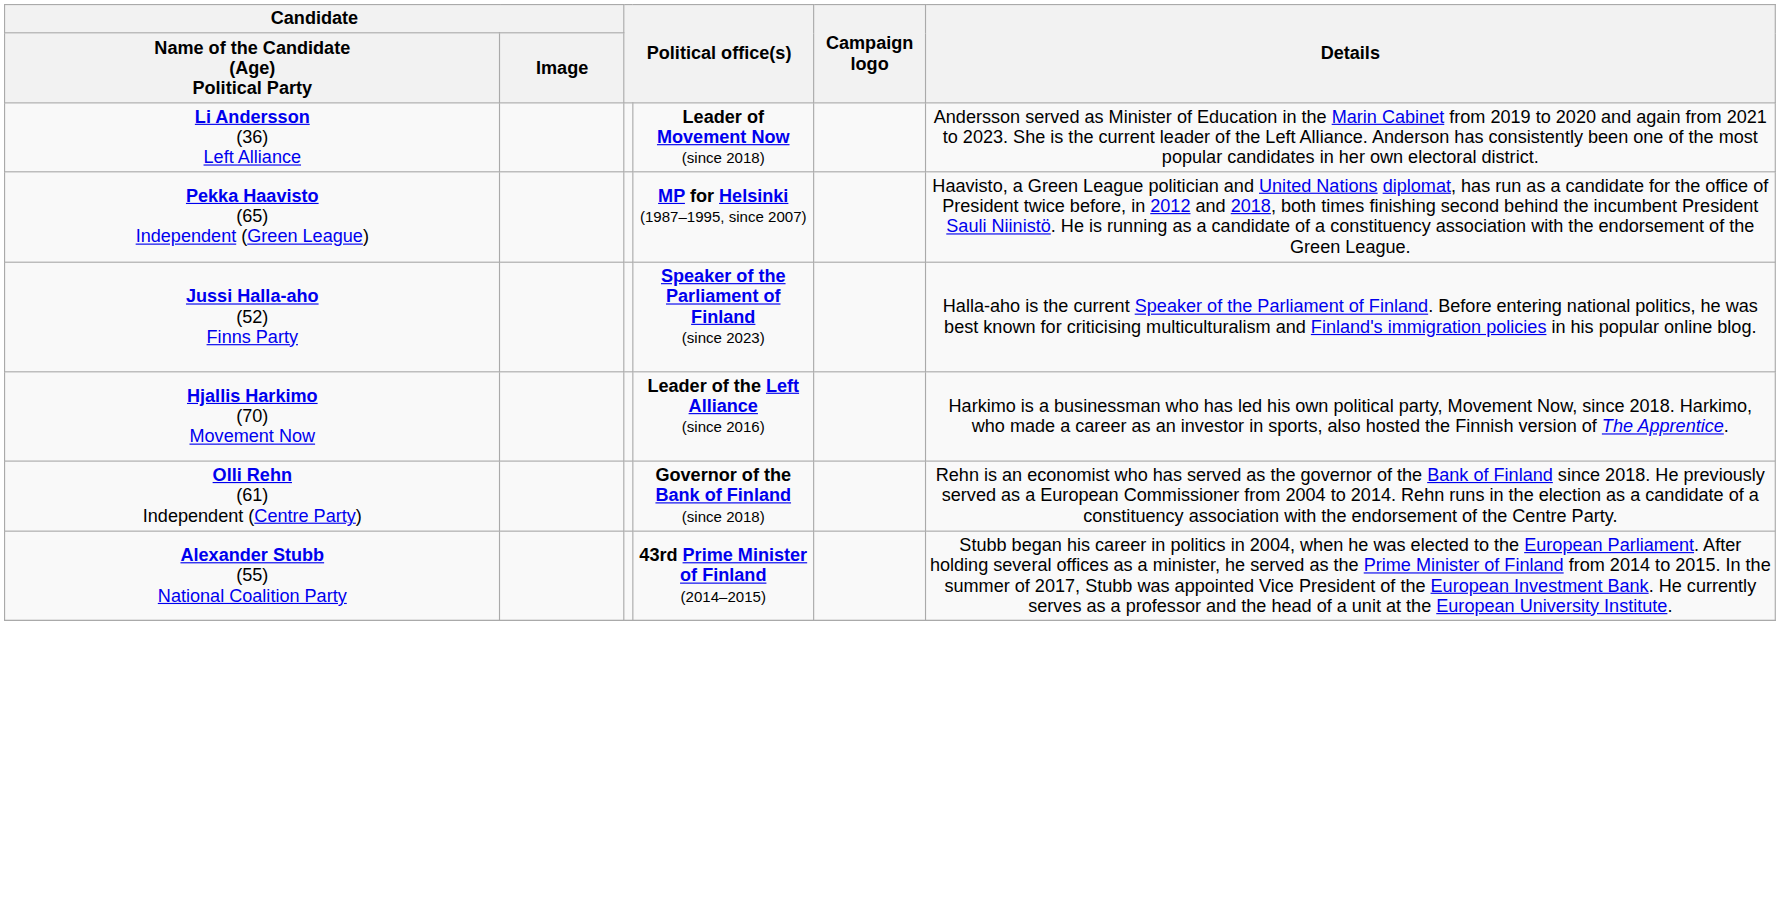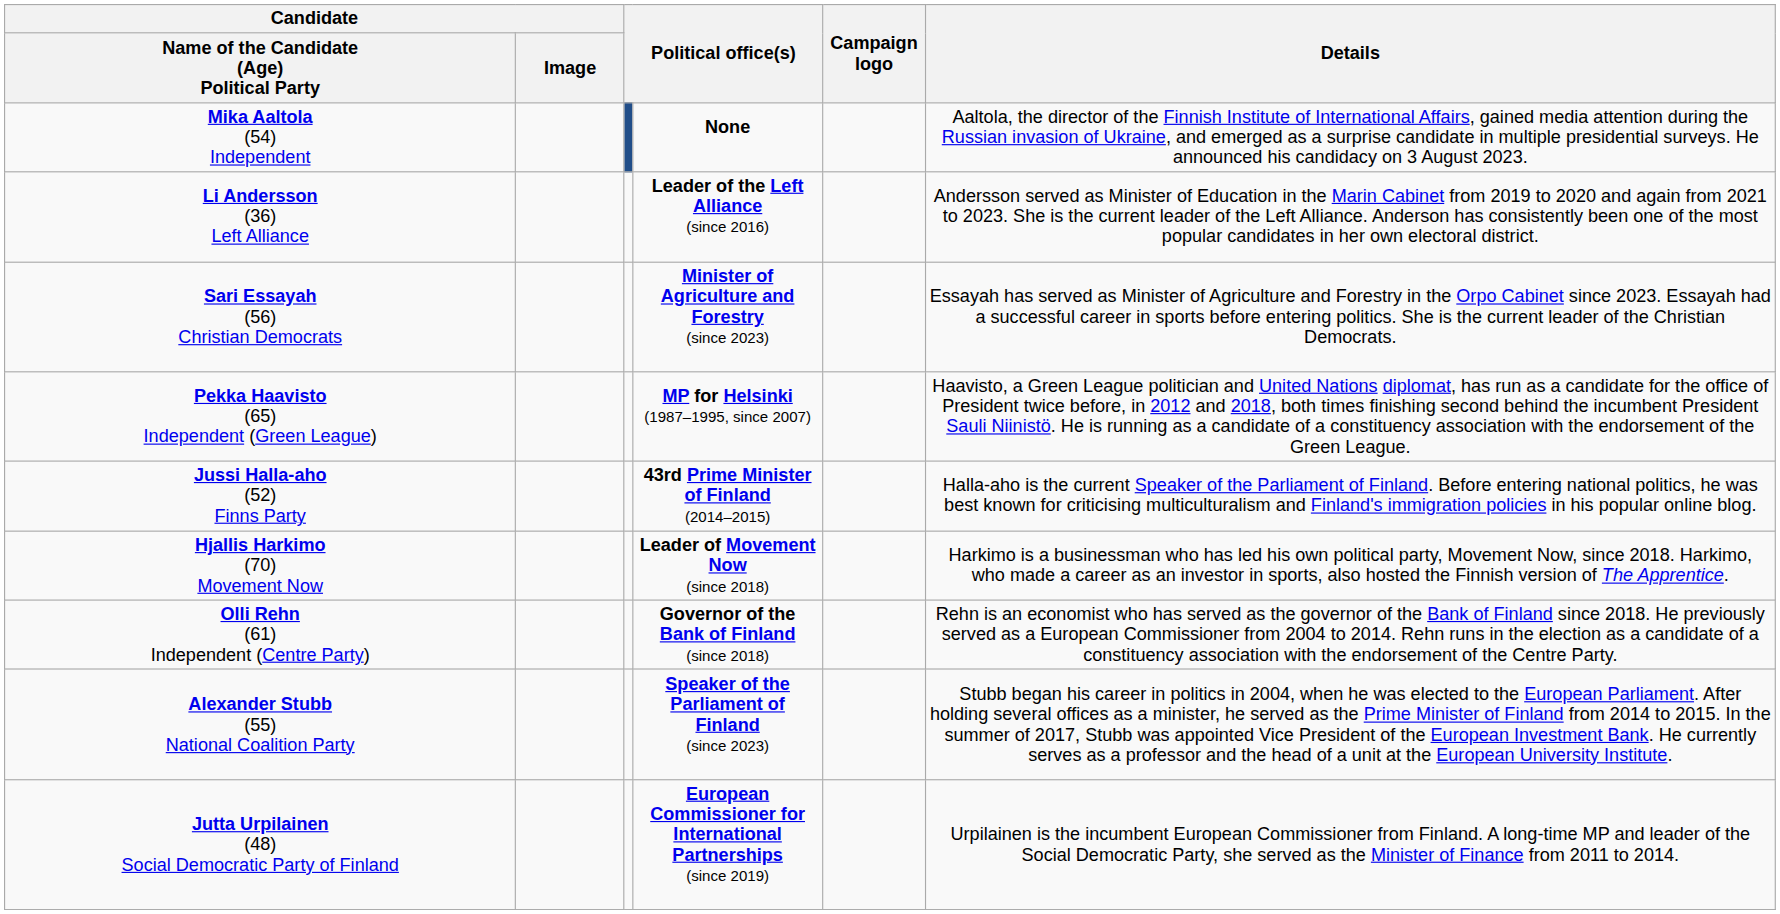 <table class="wikitable" style="text-align:center;">
 <tr>
 <th colspan="2" style="width:35%;">Candidate</th>
 <th rowspan="2" colspan="2">Political office(s)</th>
 <th rowspan="2">Campaign logo</th>
 <th rowspan="2" style="width:48%;">Details</th>
 </tr>
 <tr>
 <th>Name of the Candidate<br>(Age)<br>Political Party</th>
 <th>Image</th>
 </tr>
 <tr>
+<td><strong><a href='#'>Mika Aaltola</a></strong><br>(54)<br><a href='#'>Independent</a></td>
+<td></td>
+<td style="background-color:#214E89;"></td>
+<td><strong>None</strong><br><br></td>
+<td></td>
+<td>Aaltola, the director of the <a href='#'>Finnish Institute of International Affairs</a>, gained media attention during the <a href='#'>Russian invasion of Ukraine</a>, and emerged as a surprise candidate in multiple presidential surveys. He announced his candidacy on 3 August 2023.</td>
+</tr>
+<tr>
 <td><strong><a href='#'>Li Andersson</a></strong><br>(36)<br><a href='#'>Left Alliance</a></td>
 <td></td>
 <td style="background-color:"></td>
-<td><strong>Leader of <a href='#'>Movement Now</a></strong><br> <small>(since 2018)</small><br></td>
+<td><strong>Leader of the <a href='#'>Left Alliance</a></strong><br><small>(since 2016)</small><br><br></td>
 <td></td>
 <td>Andersson served as Minister of Education in the <a href='#'>Marin Cabinet</a> from 2019 to 2020 and again from 2021 to 2023. She is the current leader of the Left Alliance. Anderson has consistently been one of the most popular candidates in her own electoral district.</td>
+</tr>
+<tr>
+<td><strong><a href='#'>Sari Essayah</a></strong><br>(56)<br><a href='#'>Christian Democrats</a></td>
+<td></td>
+<td style="background-color:"></td>
+<td><strong><a href='#'>Minister of Agriculture and Forestry</a></strong><br><small>(since 2023)</small><br><br></td>
+<td></td>
+<td>Essayah has served as Minister of Agriculture and Forestry in the <a href='#'>Orpo Cabinet</a> since 2023. Essayah had a successful career in sports before entering politics. She is the current leader of the Christian Democrats.</td>
 </tr>
 <tr>
 <td><strong><a href='#'>Pekka Haavisto</a></strong><br>(65)<br><a href='#'>Independent</a> (<a href='#'>Green League</a>)</td>
 <td></td>
 <td style="background-color:"></td>
 <td><strong><a href='#'>MP</a> for <a href='#'>Helsinki</a></strong><br><small>(1987–1995, since 2007)</small><br><br></td>
 <td></td>
 <td>Haavisto, a Green League politician and <a href='#'>United Nations</a> <a href='#'>diplomat</a>, has run as a candidate for the office of President twice before, in <a href='#'>2012</a> and <a href='#'>2018</a>, both times finishing second behind the incumbent President <a href='#'>Sauli Niinistö</a>. He is running as a candidate of a constituency association with the endorsement of the Green League.</td>
 </tr>
 <tr>
 <td><strong><a href='#'>Jussi Halla-aho</a></strong><br>(52)<br><a href='#'>Finns Party</a></td>
 <td></td>
 <td style="background-color:"></td>
-<td><strong><a href='#'>Speaker of the Parliament of Finland</a></strong><br><small>(since 2023)</small><br><br></td>
+<td><strong>43rd <a href='#'>Prime Minister of Finland</a></strong><br> <small>(2014–2015)</small><br></td>
 <td></td>
 <td>Halla-aho is the current <a href='#'>Speaker of the Parliament of Finland</a>. Before entering national politics, he was best known for criticising multiculturalism and <a href='#'>Finland's immigration policies</a> in his popular online blog.</td>
 </tr>
 <tr>
 <td><strong><a href='#'>Hjallis Harkimo</a></strong><br>(70)<br><a href='#'>Movement Now</a></td>
 <td></td>
 <td style="background-color:"></td>
-<td><strong>Leader of the <a href='#'>Left Alliance</a></strong><br><small>(since 2016)</small><br><br></td>
+<td><strong>Leader of <a href='#'>Movement Now</a></strong><br> <small>(since 2018)</small><br></td>
 <td></td>
 <td>Harkimo is a businessman who has led his own political party, Movement Now, since 2018. Harkimo, who made a career as an investor in sports, also hosted the Finnish version of <em><a href='#'>The Apprentice</a></em>.</td>
 </tr>
 <tr>
 <td><strong><a href='#'>Olli Rehn</a></strong><br>(61)<br>Independent (<a href='#'>Centre Party</a>)</td>
 <td></td>
 <td style="background-color:"></td>
 <td><strong>Governor of the <a href='#'>Bank of Finland</a></strong><br> <small>(since 2018)</small><br></td>
 <td></td>
 <td>Rehn is an economist who has served as the governor of the <a href='#'>Bank of Finland</a> since 2018. He previously served as a European Commissioner from 2004 to 2014. Rehn runs in the election as a candidate of a constituency association with the endorsement of the Centre Party.</td>
 </tr>
 <tr>
 <td><strong><a href='#'>Alexander Stubb</a></strong><br>(55)<br><a href='#'>National Coalition Party</a></td>
 <td></td>
 <td style="background-color:"></td>
-<td><strong>43rd <a href='#'>Prime Minister of Finland</a></strong><br> <small>(2014–2015)</small><br></td>
+<td><strong><a href='#'>Speaker of the Parliament of Finland</a></strong><br><small>(since 2023)</small><br><br></td>
 <td></td>
 <td>Stubb began his career in politics in 2004, when he was elected to the <a href='#'>European Parliament</a>. After holding several offices as a minister, he served as the <a href='#'>Prime Minister of Finland</a> from 2014 to 2015. In the summer of 2017, Stubb was appointed Vice President of the <a href='#'>European Investment Bank</a>. He currently serves as a professor and the head of a unit at the <a href='#'>European University Institute</a>.</td>
 </tr>
 <tr>
+<td><strong><a href='#'>Jutta Urpilainen</a></strong><br>(48)<br><a href='#'>Social Democratic Party of Finland</a></td>
+<td></td>
+<td style="background-color:"></td>
+<td><strong><a href='#'>European Commissioner for International Partnerships</a></strong><br><small>(since 2019)</small><br><br></td>
+<td></td>
+<td>Urpilainen is the incumbent European Commissioner from Finland. A long-time MP and leader of the Social Democratic Party, she served as the <a href='#'>Minister of Finance</a> from 2011 to 2014.</td>
+</tr>
+<tr>
 </tr>
 </table>
